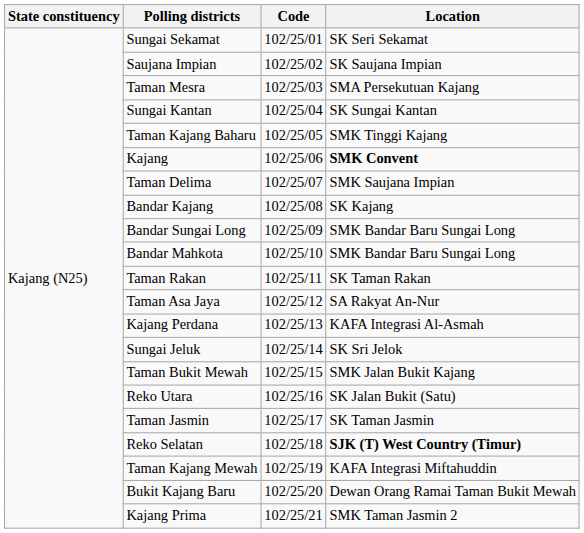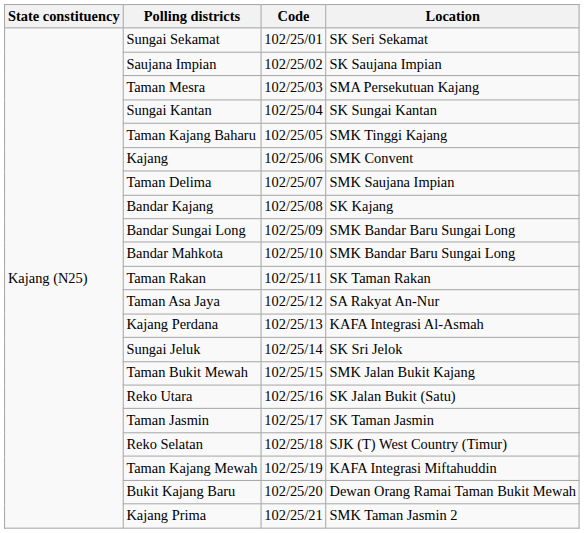 <table class="wikitable sortable mw-collapsible" style="white-space:nowrap;font-size:85%">
 <tr>
 <th>State constituency</th>
 <th>Polling districts</th>
 <th>Code</th>
 <th>Location</th>
 </tr>
 <tr>
 <td rowspan="21">Kajang (N25)</td>
 <td>Sungai Sekamat</td>
 <td>102/25/01</td>
 <td>SK Seri Sekamat</td>
 </tr>
 <tr>
 <td>Saujana Impian</td>
 <td>102/25/02</td>
 <td>SK Saujana Impian</td>
 </tr>
 <tr>
 <td>Taman Mesra</td>
 <td>102/25/03</td>
 <td>SMA Persekutuan Kajang</td>
 </tr>
 <tr>
 <td>Sungai Kantan</td>
 <td>102/25/04</td>
 <td>SK Sungai Kantan</td>
 </tr>
 <tr>
 <td>Taman Kajang Baharu</td>
 <td>102/25/05</td>
 <td>SMK Tinggi Kajang</td>
 </tr>
 <tr>
 <td>Kajang</td>
 <td>102/25/06</td>
-<td><strong>SMK Convent</strong></td>
+<td>SMK Convent</td>
 </tr>
 <tr>
 <td>Taman Delima</td>
 <td>102/25/07</td>
 <td>SMK Saujana Impian</td>
 </tr>
 <tr>
 <td>Bandar Kajang</td>
 <td>102/25/08</td>
 <td>SK Kajang</td>
 </tr>
 <tr>
 <td>Bandar Sungai Long</td>
 <td>102/25/09</td>
 <td>SMK Bandar Baru Sungai Long</td>
 </tr>
 <tr>
 <td>Bandar Mahkota</td>
 <td>102/25/10</td>
 <td>SMK Bandar Baru Sungai Long</td>
 </tr>
 <tr>
 <td>Taman Rakan</td>
 <td>102/25/11</td>
 <td>SK Taman Rakan</td>
 </tr>
 <tr>
 <td>Taman Asa Jaya</td>
 <td>102/25/12</td>
 <td>SA Rakyat An-Nur</td>
 </tr>
 <tr>
 <td>Kajang Perdana</td>
 <td>102/25/13</td>
 <td>KAFA Integrasi Al-Asmah</td>
 </tr>
 <tr>
 <td>Sungai Jeluk</td>
 <td>102/25/14</td>
 <td>SK Sri Jelok</td>
 </tr>
 <tr>
 <td>Taman Bukit Mewah</td>
 <td>102/25/15</td>
 <td>SMK Jalan Bukit Kajang</td>
 </tr>
 <tr>
 <td>Reko Utara</td>
 <td>102/25/16</td>
 <td>SK Jalan Bukit (Satu)</td>
 </tr>
 <tr>
 <td>Taman Jasmin</td>
 <td>102/25/17</td>
 <td>SK Taman Jasmin</td>
 </tr>
 <tr>
 <td>Reko Selatan</td>
 <td>102/25/18</td>
-<td><strong>SJK (T) West Country (Timur)</strong></td>
+<td>SJK (T) West Country (Timur)</td>
 </tr>
 <tr>
 <td>Taman Kajang Mewah</td>
 <td>102/25/19</td>
 <td>KAFA Integrasi Miftahuddin</td>
 </tr>
 <tr>
 <td>Bukit Kajang Baru</td>
 <td>102/25/20</td>
 <td>Dewan Orang Ramai Taman Bukit Mewah</td>
 </tr>
 <tr>
 <td>Kajang Prima</td>
 <td>102/25/21</td>
 <td>SMK Taman Jasmin 2</td>
 </tr>
 </table>
